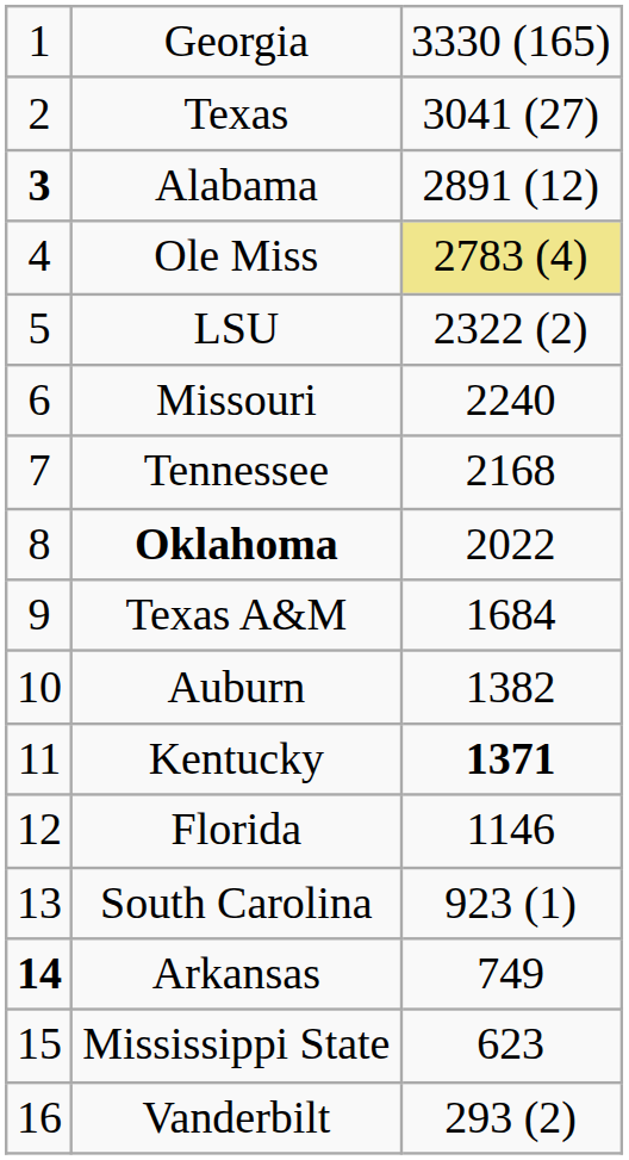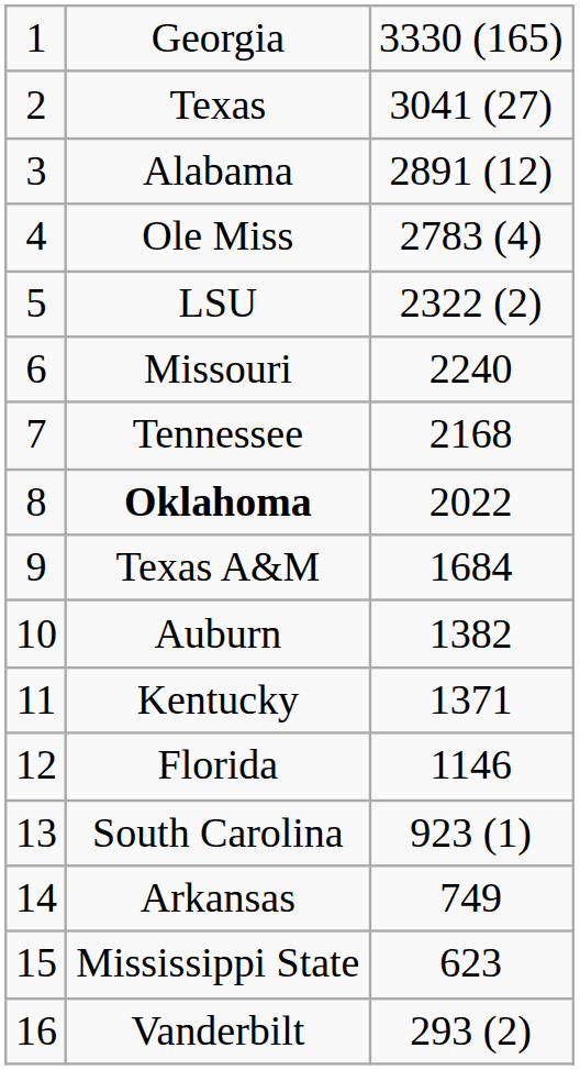 <table class="wikitable sortable">
 <tr align="center">
 <td>1</td>
 <td>Georgia</td>
 <td>3330 (165)</td>
 </tr>
 <tr align="center">
 <td>2</td>
 <td>Texas</td>
 <td>3041 (27)</td>
 </tr>
 <tr align="center">
-<td><strong>3</strong></td>
+<td>3</td>
 <td>Alabama</td>
 <td>2891 (12)</td>
 </tr>
 <tr align="center">
 <td>4</td>
 <td>Ole Miss</td>
-<td style="background: khaki;">2783 (4)</td>
+<td>2783 (4)</td>
 </tr>
 <tr align="center">
 <td>5</td>
 <td>LSU</td>
 <td>2322 (2)</td>
 </tr>
 <tr align="center">
 <td>6</td>
 <td>Missouri</td>
 <td>2240</td>
 </tr>
 <tr align="center">
 <td>7</td>
 <td>Tennessee</td>
 <td>2168</td>
 </tr>
 <tr align="center">
 <td>8</td>
 <td><strong>Oklahoma</strong></td>
 <td>2022</td>
 </tr>
 <tr align="center">
 <td>9</td>
 <td>Texas A&M</td>
 <td>1684</td>
 </tr>
 <tr align="center">
 <td>10</td>
 <td>Auburn</td>
 <td>1382</td>
 </tr>
 <tr align="center">
 <td>11</td>
 <td>Kentucky</td>
-<td><strong>1371</strong></td>
+<td>1371</td>
 </tr>
 <tr align="center">
 <td>12</td>
 <td>Florida</td>
 <td>1146</td>
 </tr>
 <tr align="center">
 <td>13</td>
 <td>South Carolina</td>
 <td>923 (1)</td>
 </tr>
 <tr align="center">
-<td><strong>14</strong></td>
+<td>14</td>
 <td>Arkansas</td>
 <td>749</td>
 </tr>
 <tr align="center">
 <td>15</td>
 <td>Mississippi State</td>
 <td>623</td>
 </tr>
 <tr align="center">
 <td>16</td>
 <td>Vanderbilt</td>
 <td>293 (2)</td>
 </tr>
 </table>
